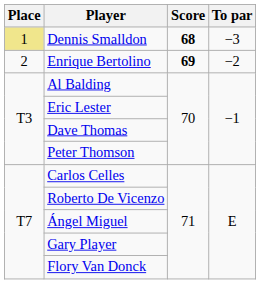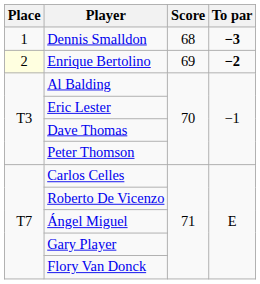 <table class="wikitable">
 <tr>
 <th>Place</th>
 <th>Player</th>
 <th>Score</th>
 <th>To par</th>
 </tr>
 <tr>
-<td align=center style="background: khaki;">1</td>
+<td align=center>1</td>
 <td> <a href='#'>Dennis Smalldon</a></td>
-<td align=center><strong>68</strong></td>
-<td align=center>−3</td>
+<td align=center>68</td>
+<td align=center><strong>−3</strong></td>
 </tr>
 <tr>
-<td align=center>2</td>
+<td align=center style="background: lightyellow;">2</td>
 <td> <a href='#'>Enrique Bertolino</a></td>
-<td align=center><strong>69</strong></td>
-<td align=center>−2</td>
+<td align=center>69</td>
+<td align=center><strong>−2</strong></td>
 </tr>
 <tr>
 <td rowspan="4" align=center>T3</td>
 <td> <a href='#'>Al Balding</a></td>
 <td rowspan="4" align=center>70</td>
 <td rowspan="4" align=center>−1</td>
 </tr>
 <tr>
 <td> <a href='#'>Eric Lester</a></td>
 </tr>
 <tr>
 <td> <a href='#'>Dave Thomas</a></td>
 </tr>
 <tr>
 <td> <a href='#'>Peter Thomson</a></td>
 </tr>
 <tr>
 <td rowspan="5" align=center>T7</td>
 <td> <a href='#'>Carlos Celles</a></td>
 <td rowspan="5" align=center>71</td>
 <td rowspan="5" align=center>E</td>
 </tr>
 <tr>
 <td> <a href='#'>Roberto De Vicenzo</a></td>
 </tr>
 <tr>
 <td> <a href='#'>Ángel Miguel</a></td>
 </tr>
 <tr>
 <td> <a href='#'>Gary Player</a></td>
 </tr>
 <tr>
 <td> <a href='#'>Flory Van Donck</a></td>
 </tr>
 </table>
